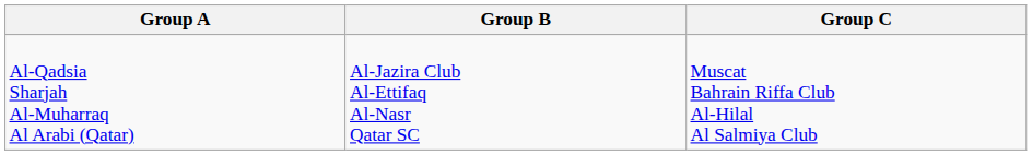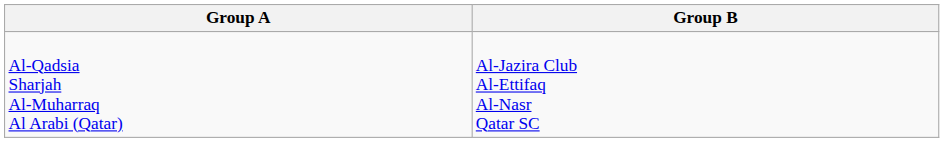 <table class="wikitable" width=98%>
 <tr>
 <th width=20%>Group A</th>
 <th width=20%>Group B</th>
-<th width=20%>Group C</th>
 </tr>
 <tr>
 <td><br> <a href='#'>Al-Qadsia</a> <br>  <a href='#'>Sharjah</a> <br>  <a href='#'>Al-Muharraq</a><br>  <a href='#'>Al Arabi (Qatar)</a> <br></td>
 <td><br> <a href='#'>Al-Jazira Club</a><br>  <a href='#'>Al-Ettifaq</a> <br>  <a href='#'>Al-Nasr</a> <br>  <a href='#'>Qatar SC</a> <br></td>
-<td><br> <a href='#'>Muscat</a> <br>  <a href='#'>Bahrain Riffa Club</a> <br>  <a href='#'>Al-Hilal</a> <br>  <a href='#'>Al Salmiya Club</a> <br></td>
 </tr>
 </table>
